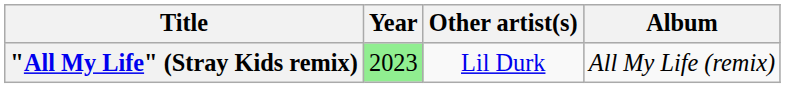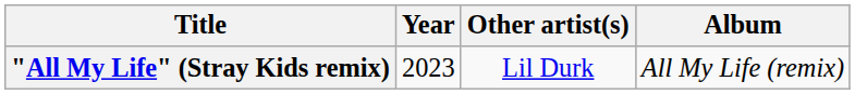 <table class="wikitable plainrowheaders" style="text-align:center">
 <tr>
 <th scope="col">Title</th>
 <th scope="col">Year</th>
 <th scope="col">Other artist(s)</th>
 <th scope="col">Album</th>
 </tr>
 <tr>
 <th scope="row">"<a href='#'>All My Life</a>" (Stray Kids remix)</th>
-<td style="background: lightgreen;">2023</td>
+<td>2023</td>
 <td><a href='#'>Lil Durk</a></td>
 <td><em>All My Life (remix)</em></td>
 </tr>
 </table>
